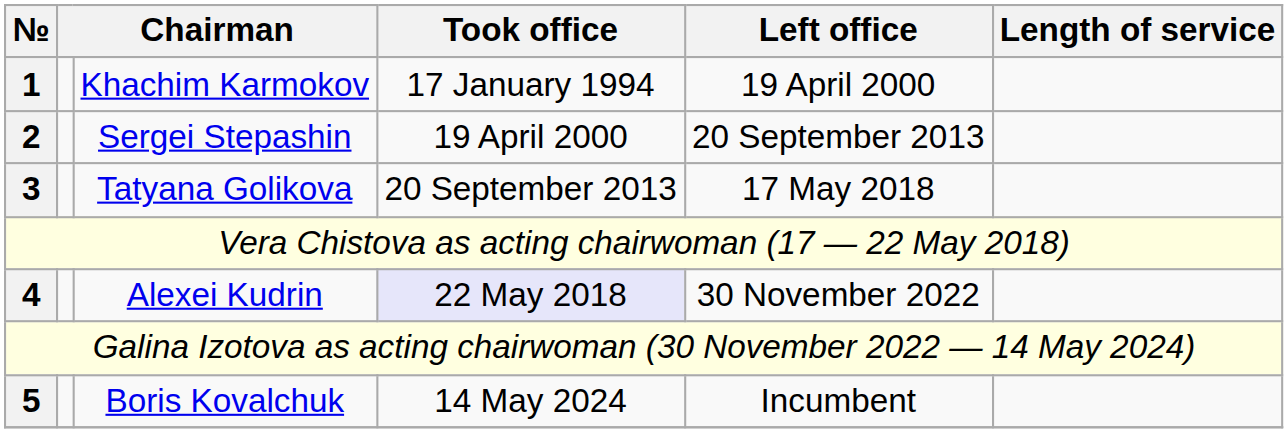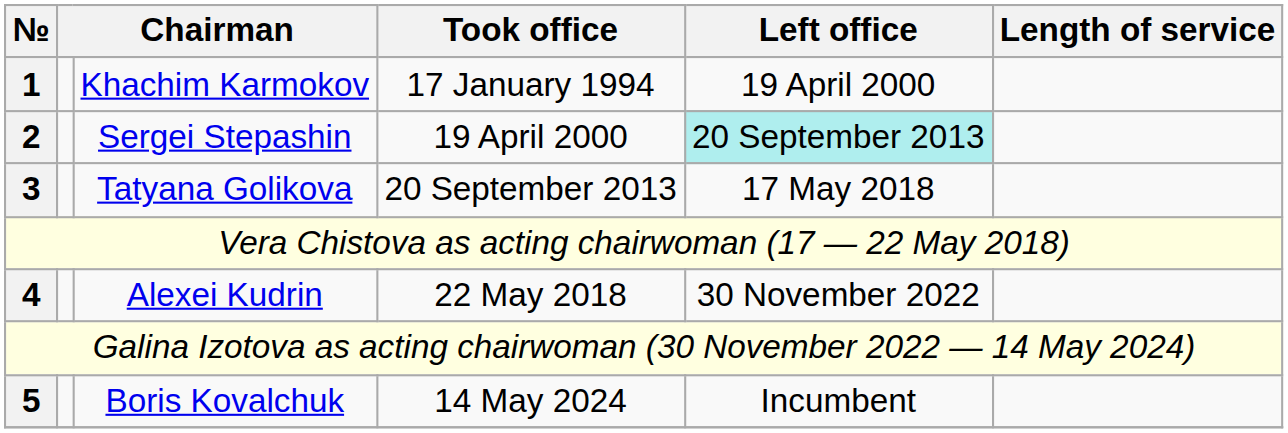 <table class="wikitable" style="text-align:center;">
 <tr>
 <th>№</th>
 <th colspan=2>Chairman</th>
 <th>Took office</th>
 <th>Left office</th>
 <th>Length of service</th>
 </tr>
 <tr>
 <th>1</th>
 <td></td>
 <td><a href='#'>Khachim Karmokov</a></td>
 <td>17 January 1994</td>
 <td>19 April 2000</td>
 <td></td>
 </tr>
 <tr>
 <th>2</th>
 <td></td>
 <td><a href='#'>Sergei Stepashin</a></td>
 <td>19 April 2000</td>
-<td>20 September 2013</td>
+<td style="background: paleturquoise;">20 September 2013</td>
 <td></td>
 </tr>
 <tr>
 <th>3</th>
 <td></td>
 <td><a href='#'>Tatyana Golikova</a></td>
 <td>20 September 2013</td>
 <td>17 May 2018</td>
 <td></td>
 </tr>
 <tr>
 <td colspan=6 style="background:lightyellow;"><em>Vera Chistova as acting chairwoman (17 — 22 May 2018)</em></td>
 </tr>
 <tr>
 <th>4</th>
 <td></td>
 <td><a href='#'>Alexei Kudrin</a></td>
-<td style="background: lavender;">22 May 2018</td>
+<td>22 May 2018</td>
 <td>30 November 2022</td>
 <td></td>
 </tr>
 <tr>
 <td colspan=6 style="background:lightyellow;"><em>Galina Izotova as acting chairwoman (30 November 2022 — 14 May 2024)</em></td>
 </tr>
 <tr>
 <th>5</th>
 <td></td>
 <td><a href='#'>Boris Kovalchuk</a></td>
 <td>14 May 2024</td>
 <td>Incumbent</td>
 <td></td>
 </tr>
 <tr>
 </tr>
 </table>
